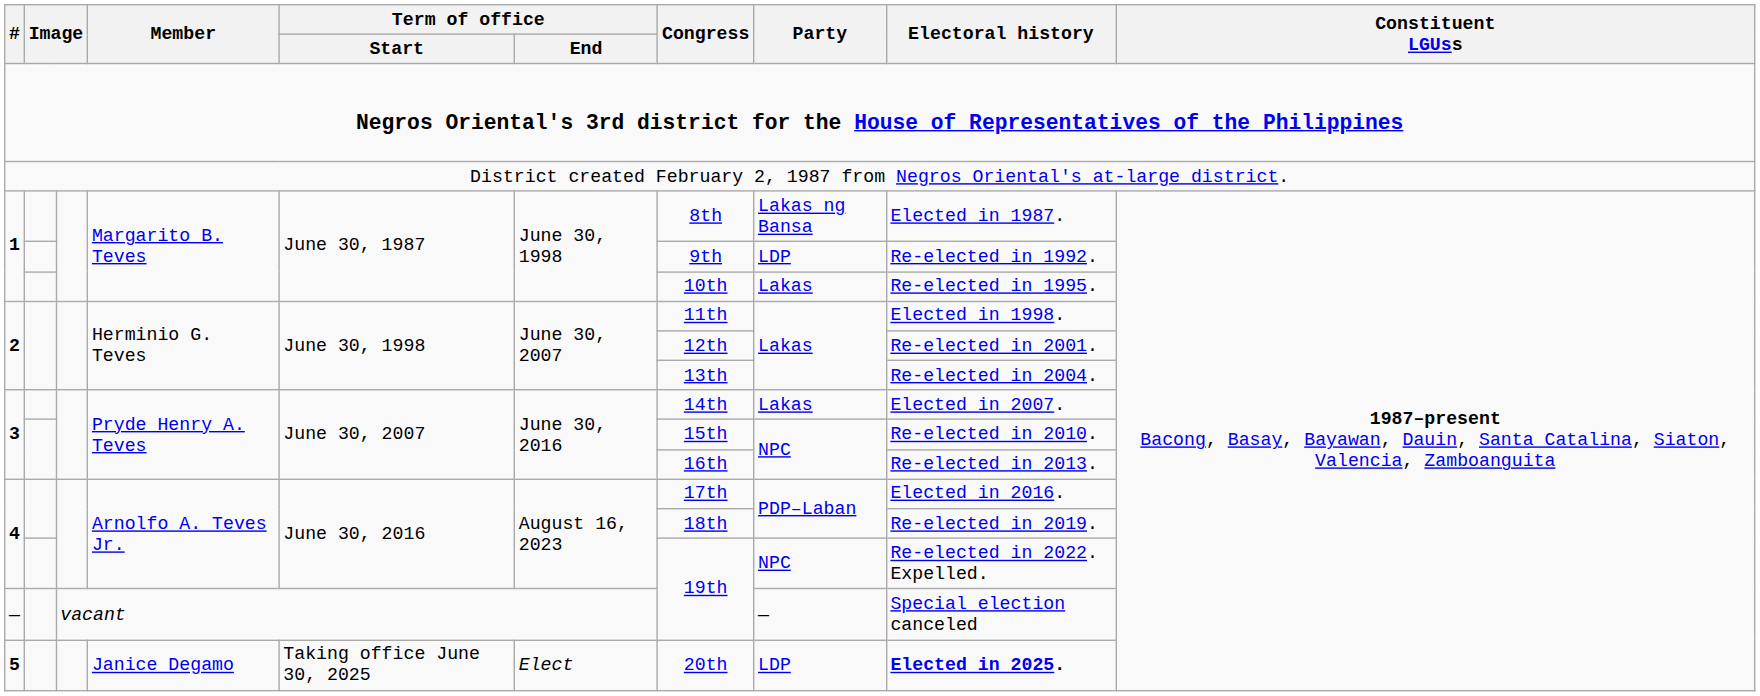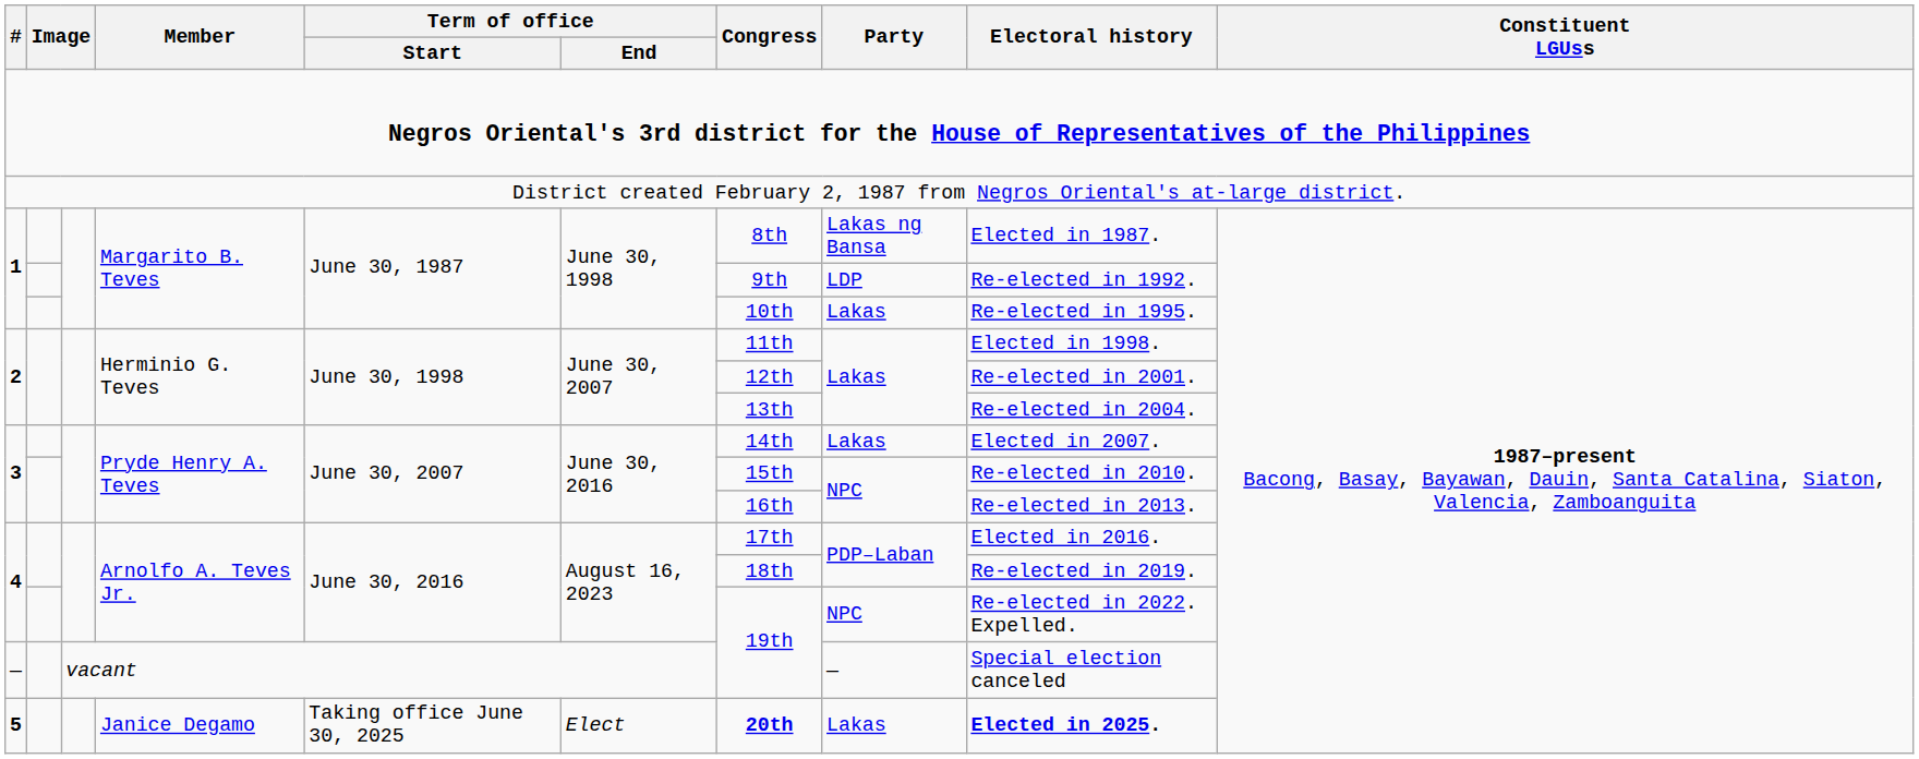 <table class=wikitable>
 <tr>
 <th rowspan="2">#</th>
 <th rowspan="2" colspan=2>Image</th>
 <th rowspan="2">Member</th>
 <th colspan=2>Term of office</th>
 <th rowspan="2">Congress</th>
 <th rowspan="2">Party</th>
 <th rowspan="2">Electoral history</th>
 <th rowspan="2">Constituent<br><a href='#'>LGUs</a>s</th>
 </tr>
 <tr>
 <th>Start</th>
 <th>End</th>
 </tr>
 <tr>
 <td colspan="10" style="text-align:center;"><br><h3>Negros Oriental's 3rd district for the <a href='#'>House of Representatives of the Philippines</a></h3></td>
 </tr>
 <tr>
 <td colspan="10" style="text-align:center;">District created February 2, 1987 from <a href='#'>Negros Oriental's at-large district</a>.</td>
 </tr>
 <tr>
 <td rowspan="3" style="text-align:center;"><strong>1</strong></td>
 <td style="color:inherit;background:"></td>
 <td rowspan="3"></td>
 <td rowspan="3"><a href='#'>Margarito B. Teves</a></td>
 <td rowspan="3">June 30, 1987</td>
 <td rowspan="3">June 30, 1998</td>
 <td style="text-align:center;"><a href='#'>8th</a></td>
 <td><a href='#'>Lakas ng Bansa</a></td>
 <td><a href='#'>Elected in 1987</a>.</td>
 <td rowspan="100" style="text-align:center;"><strong>1987–present</strong><br><a href='#'>Bacong</a>, <a href='#'>Basay</a>, <a href='#'>Bayawan</a>, <a href='#'>Dauin</a>, <a href='#'>Santa Catalina</a>, <a href='#'>Siaton</a>, <a href='#'>Valencia</a>, <a href='#'>Zamboanguita</a></td>
 </tr>
 <tr>
 <td style="color:inherit;background:"></td>
 <td style="text-align:center;"><a href='#'>9th</a></td>
 <td><a href='#'>LDP</a></td>
 <td><a href='#'>Re-elected in 1992</a>.</td>
 </tr>
 <tr>
 <td style="color:inherit;background:"></td>
 <td style="text-align:center;"><a href='#'>10th</a></td>
 <td><a href='#'>Lakas</a></td>
 <td><a href='#'>Re-elected in 1995</a>.</td>
 </tr>
 <tr>
 <td rowspan="3" style="text-align:center;"><strong>2</strong></td>
 <td rowspan="3" style="color:inherit;background:"></td>
 <td rowspan="3"></td>
 <td rowspan="3">Herminio G. Teves</td>
 <td rowspan="3">June 30, 1998</td>
 <td rowspan="3">June 30, 2007</td>
 <td style="text-align:center;"><a href='#'>11th</a></td>
 <td rowspan="3"><a href='#'>Lakas</a></td>
 <td><a href='#'>Elected in 1998</a>.</td>
 </tr>
 <tr>
 <td style="text-align:center;"><a href='#'>12th</a></td>
 <td><a href='#'>Re-elected in 2001</a>.</td>
 </tr>
 <tr>
 <td style="text-align:center;"><a href='#'>13th</a></td>
 <td><a href='#'>Re-elected in 2004</a>.</td>
 </tr>
 <tr>
 <td rowspan="3" style="text-align:center;"><strong>3</strong></td>
 <td style="color:inherit;background:"></td>
 <td rowspan="3"></td>
 <td rowspan="3"><a href='#'>Pryde Henry A. Teves</a></td>
 <td rowspan="3">June 30, 2007</td>
 <td rowspan="3">June 30, 2016</td>
 <td style="text-align:center;"><a href='#'>14th</a></td>
 <td><a href='#'>Lakas</a></td>
 <td><a href='#'>Elected in 2007</a>.</td>
 </tr>
 <tr>
 <td rowspan="2" style="color:inherit;background:"></td>
 <td style="text-align:center;"><a href='#'>15th</a></td>
 <td rowspan="2"><a href='#'>NPC</a></td>
 <td><a href='#'>Re-elected in 2010</a>.</td>
 </tr>
 <tr>
 <td style="text-align:center;"><a href='#'>16th</a></td>
 <td><a href='#'>Re-elected in 2013</a>.</td>
 </tr>
 <tr>
 <td rowspan="3" style="text-align:center;"><strong>4</strong></td>
 <td rowspan="2" style="color:inherit;background:"></td>
 <td rowspan="3"></td>
 <td rowspan="3"><a href='#'>Arnolfo A. Teves Jr.</a></td>
 <td rowspan="3">June 30, 2016</td>
 <td rowspan="3">August 16, 2023</td>
 <td style="text-align:center;"><a href='#'>17th</a></td>
 <td rowspan="2"><a href='#'>PDP–Laban</a></td>
 <td><a href='#'>Elected in 2016</a>.</td>
 </tr>
 <tr>
 <td style="text-align:center;"><a href='#'>18th</a></td>
 <td><a href='#'>Re-elected in 2019</a>.</td>
 </tr>
 <tr>
 <td style="color:inherit;background:"></td>
 <td rowspan="2" style="text-align:center;"><a href='#'>19th</a></td>
 <td><a href='#'>NPC</a></td>
 <td><a href='#'>Re-elected in 2022</a>.<br> Expelled.</td>
 </tr>
 <tr>
 <td style="text-align:center;">—</td>
 <td style="color:inherit;background:"></td>
 <td colspan="4"><em>vacant</em></td>
 <td>—</td>
 <td><a href='#'>Special election</a> canceled</td>
 </tr>
 <tr>
 <td style="text-align: center;"><strong>5</strong></td>
 <td style="color:inherit;background:"></td>
 <td></td>
 <td><a href='#'>Janice Degamo</a></td>
 <td>Taking office June 30, 2025</td>
 <td><em>Elect</em></td>
-<td style="text-align: center;"><a href='#'>20th</a></td>
-<td><a href='#'>LDP</a></td>
+<td style="text-align: center;"><strong><a href='#'>20th</a></strong></td>
+<td><a href='#'>Lakas</a></td>
 <td><strong><a href='#'>Elected in 2025</a>.</strong></td>
 </tr>
 </table>
